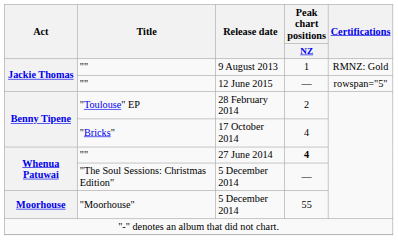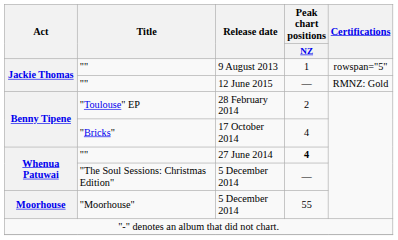 <table class="wikitable plainrowheaders" style="text-align:center;">
 <tr>
 <th scope="col" rowspan="2">Act</th>
 <th scope="col" rowspan="2">Title</th>
 <th scope="col" rowspan="2">Release date</th>
 <th scope="col" colspan="1">Peak chart positions</th>
 <th scope="col" rowspan="2"><a href='#'>Certifications</a></th>
 </tr>
 <tr>
 <th scope="col" style="width:3em;font-size:90%;"><a href='#'>NZ</a><br></th>
 </tr>
 <tr>
 <th scope="row" rowspan="2"><a href='#'>Jackie Thomas</a></th>
 <td style="text-align:left;">""</td>
 <td style="text-align:left;">9 August 2013</td>
 <td>1</td>
-<td>RMNZ: Gold</td>
+<td>rowspan="5" </td>
 </tr>
 <tr>
 <td style="text-align:left;">""</td>
 <td style="text-align:left;">12 June 2015</td>
 <td>—</td>
-<td>rowspan="5" </td>
+<td>RMNZ: Gold</td>
 </tr>
 <tr>
 <th scope="row" rowspan="2"><a href='#'>Benny Tipene</a></th>
 <td style="text-align:left;">"<a href='#'>Toulouse</a>" EP</td>
 <td style="text-align:left;">28 February 2014</td>
 <td>2</td>
 </tr>
 <tr>
 <td style="text-align:left;">"<a href='#'>Bricks</a>"</td>
 <td style="text-align:left;">17 October 2014</td>
 <td>4</td>
 </tr>
 <tr>
 <th scope="row" rowspan="2"><a href='#'>Whenua Patuwai</a></th>
 <td style="text-align:left;">""</td>
 <td style="text-align:left;">27 June 2014</td>
 <td><strong>4</strong></td>
 </tr>
 <tr>
 <td style="text-align:left;">"The Soul Sessions: Christmas Edition"</td>
 <td style="text-align:left;">5 December 2014</td>
 <td>—</td>
 </tr>
 <tr>
 <th scope="row"><a href='#'>Moorhouse</a></th>
 <td style="text-align:left;">"Moorhouse"</td>
 <td style="text-align:left;">5 December 2014</td>
 <td align="center">55</td>
 </tr>
 <tr>
 <td colspan="6" style="font-size90%" align="center">"-" denotes an album that did not chart.</td>
 </tr>
 <tr>
 </tr>
 </table>
